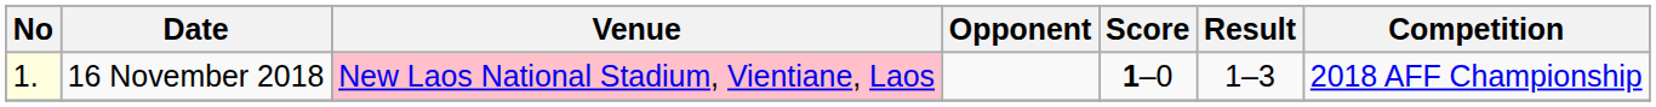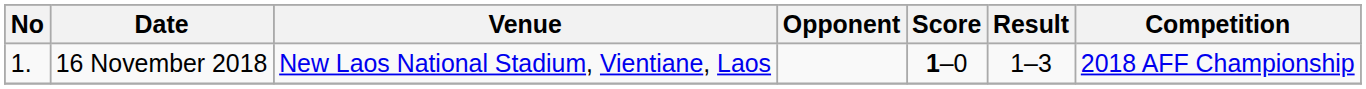 <table class="wikitable" style="font-size:85%;">
 <tr>
 <th>No</th>
 <th>Date</th>
 <th>Venue</th>
 <th>Opponent</th>
 <th>Score</th>
 <th>Result</th>
 <th>Competition</th>
 </tr>
 <tr>
-<td style="background: lightyellow;">1.</td>
+<td>1.</td>
 <td>16 November 2018</td>
-<td style="background: pink;"><a href='#'>New Laos National Stadium</a>, <a href='#'>Vientiane</a>, <a href='#'>Laos</a></td>
+<td><a href='#'>New Laos National Stadium</a>, <a href='#'>Vientiane</a>, <a href='#'>Laos</a></td>
 <td></td>
 <td align=center><strong>1</strong>–0</td>
 <td align=center>1–3</td>
 <td align=center><a href='#'>2018 AFF Championship</a></td>
 </tr>
 <tr>
 </tr>
 </table>
